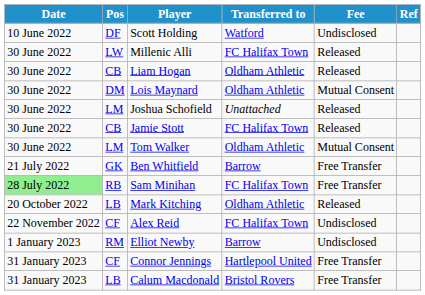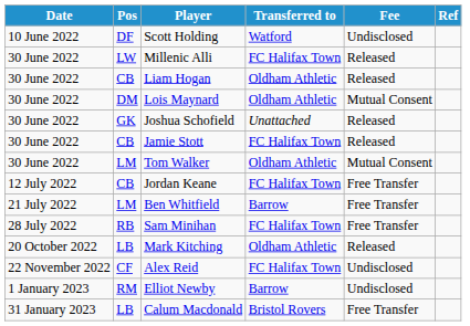 <table class="wikitable plainrowheaders sortable">
 <tr>
 <th style="background:#2191CC; color:#ffffff; ">Date</th>
 <th style="background:#2191CC; color:#ffffff; ">Pos</th>
 <th style="background:#2191CC; color:#ffffff; ">Player</th>
 <th style="background:#2191CC; color:#ffffff; ">Transferred to</th>
 <th style="background:#2191CC; color:#ffffff; ">Fee</th>
 <th style="background:#2191CC; color:#ffffff; ">Ref</th>
 </tr>
 <tr>
 <td>10 June 2022</td>
 <td><a href='#'>DF</a></td>
 <td> Scott Holding</td>
 <td> <a href='#'>Watford</a></td>
 <td>Undisclosed</td>
 <td></td>
 </tr>
 <tr>
 <td>30 June 2022</td>
 <td><a href='#'>LW</a></td>
 <td> Millenic Alli</td>
 <td> <a href='#'>FC Halifax Town</a></td>
 <td>Released</td>
 <td></td>
 </tr>
 <tr>
 <td>30 June 2022</td>
 <td><a href='#'>CB</a></td>
 <td> <a href='#'>Liam Hogan</a></td>
 <td> <a href='#'>Oldham Athletic</a></td>
 <td>Released</td>
 <td></td>
 </tr>
 <tr>
 <td>30 June 2022</td>
 <td><a href='#'>DM</a></td>
 <td> <a href='#'>Lois Maynard</a></td>
 <td> <a href='#'>Oldham Athletic</a></td>
 <td>Mutual Consent</td>
 <td></td>
 </tr>
 <tr>
 <td>30 June 2022</td>
-<td><a href='#'>LM</a></td>
+<td><a href='#'>GK</a></td>
 <td> Joshua Schofield</td>
 <td> <em>Unattached</em></td>
 <td>Released</td>
 <td></td>
 </tr>
 <tr>
 <td>30 June 2022</td>
 <td><a href='#'>CB</a></td>
 <td> <a href='#'>Jamie Stott</a></td>
 <td> <a href='#'>FC Halifax Town</a></td>
 <td>Released</td>
 <td></td>
 </tr>
 <tr>
 <td>30 June 2022</td>
 <td><a href='#'>LM</a></td>
 <td> <a href='#'>Tom Walker</a></td>
 <td> <a href='#'>Oldham Athletic</a></td>
 <td>Mutual Consent</td>
 <td></td>
 </tr>
 <tr>
+<td>12 July 2022</td>
+<td><a href='#'>CB</a></td>
+<td> Jordan Keane</td>
+<td> <a href='#'>FC Halifax Town</a></td>
+<td>Free Transfer</td>
+<td></td>
+</tr>
+<tr>
 <td>21 July 2022</td>
-<td><a href='#'>GK</a></td>
+<td><a href='#'>LM</a></td>
 <td> <a href='#'>Ben Whitfield</a></td>
 <td> <a href='#'>Barrow</a></td>
 <td>Free Transfer</td>
 <td></td>
 </tr>
 <tr>
-<td style="background: lightgreen;">28 July 2022</td>
+<td>28 July 2022</td>
 <td><a href='#'>RB</a></td>
 <td> <a href='#'>Sam Minihan</a></td>
 <td> <a href='#'>FC Halifax Town</a></td>
 <td>Free Transfer</td>
 <td></td>
 </tr>
 <tr>
 <td>20 October 2022</td>
 <td><a href='#'>LB</a></td>
 <td> <a href='#'>Mark Kitching</a></td>
 <td> <a href='#'>Oldham Athletic</a></td>
 <td>Released</td>
 <td></td>
 </tr>
 <tr>
 <td>22 November 2022</td>
 <td><a href='#'>CF</a></td>
 <td> <a href='#'>Alex Reid</a></td>
 <td> <a href='#'>FC Halifax Town</a></td>
 <td>Undisclosed</td>
 <td></td>
 </tr>
 <tr>
 <td>1 January 2023</td>
 <td><a href='#'>RM</a></td>
 <td> <a href='#'>Elliot Newby</a></td>
 <td> <a href='#'>Barrow</a></td>
 <td>Undisclosed</td>
 <td></td>
 </tr>
 <tr>
 <td>31 January 2023</td>
-<td><a href='#'>CF</a></td>
-<td> <a href='#'>Connor Jennings</a></td>
-<td> <a href='#'>Hartlepool United</a></td>
-<td>Free Transfer</td>
-<td></td>
-</tr>
-<tr>
-<td>31 January 2023</td>
 <td><a href='#'>LB</a></td>
 <td> <a href='#'>Calum Macdonald</a></td>
 <td> <a href='#'>Bristol Rovers</a></td>
 <td>Free Transfer</td>
 <td></td>
 </tr>
 </table>
